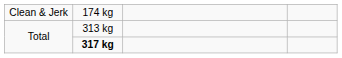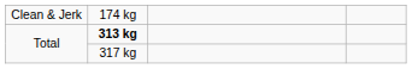 <table class = "wikitable" style="text-align:center;">
 <tr>
 <td width=100>Clean & Jerk</td>
 <td width=70>174 kg</td>
 <td width=250 align=left></td>
 <td width=70></td>
 </tr>
 <tr>
 <td rowspan=2>Total</td>
-<td>313 kg</td>
+<td><strong>313 kg</strong></td>
 <td align=left></td>
 <td></td>
 </tr>
 <tr>
-<td><strong>317 kg</strong></td>
+<td>317 kg</td>
 <td align=left></td>
 <td></td>
 </tr>
 </table>
